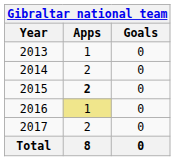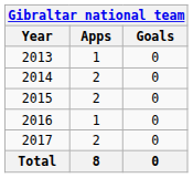 <table class="wikitable" style="text-align:center">
 <tr>
 <th colspan=3><a href='#'>Gibraltar national team</a></th>
 </tr>
 <tr>
 <th>Year</th>
 <th>Apps</th>
 <th>Goals</th>
 </tr>
 <tr>
 <td>2013</td>
 <td>1</td>
 <td>0</td>
 </tr>
 <tr>
 <td>2014</td>
 <td>2</td>
 <td>0</td>
 </tr>
 <tr>
 <td>2015</td>
-<td><strong>2</strong></td>
+<td>2</td>
 <td>0</td>
 </tr>
 <tr>
 <td>2016</td>
-<td style="background: khaki;">1</td>
+<td>1</td>
 <td>0</td>
 </tr>
 <tr>
 <td>2017</td>
 <td>2</td>
 <td>0</td>
 </tr>
 <tr>
 <th>Total</th>
 <th>8</th>
 <th>0</th>
 </tr>
 </table>
